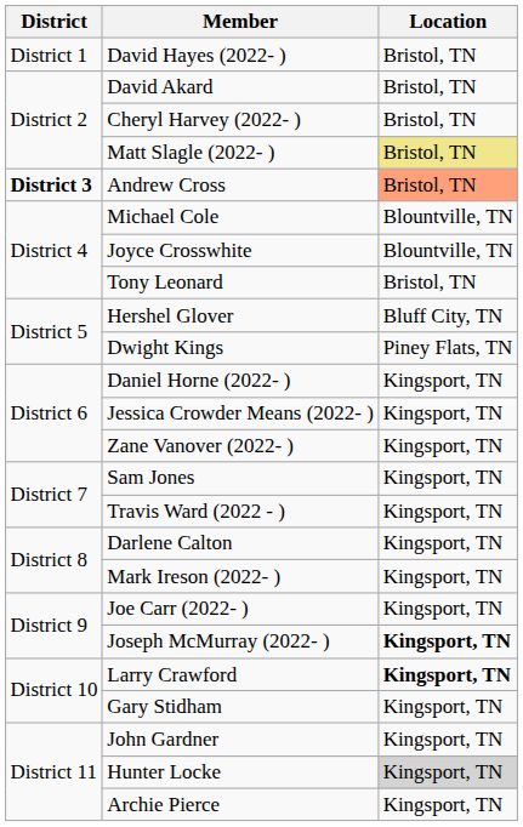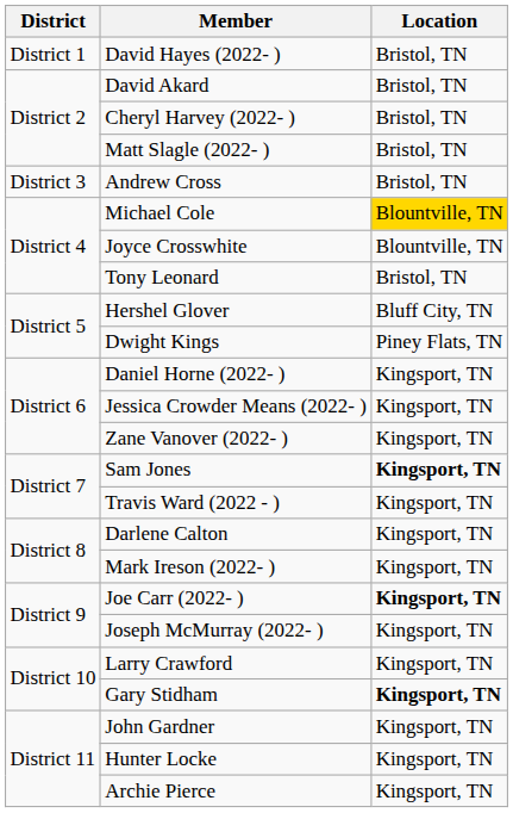 <table class="wikitable">
 <tr>
 <th>District</th>
 <th>Member</th>
 <th>Location</th>
 </tr>
 <tr>
 <td>District 1</td>
 <td>David Hayes (2022- )</td>
 <td>Bristol, TN</td>
 </tr>
 <tr>
 <td rowspan=3>District 2</td>
 <td>David Akard</td>
 <td>Bristol, TN</td>
 </tr>
 <tr>
 <td>Cheryl Harvey (2022- )</td>
 <td>Bristol, TN</td>
 </tr>
 <tr>
 <td>Matt Slagle (2022-  )</td>
-<td style="background: khaki;">Bristol, TN</td>
+<td>Bristol, TN</td>
 </tr>
 <tr>
-<td><strong>District 3</strong></td>
+<td>District 3</td>
 <td>Andrew Cross</td>
-<td style="background: lightsalmon;">Bristol, TN</td>
+<td>Bristol, TN</td>
 </tr>
 <tr>
 <td rowspan=3>District 4</td>
 <td>Michael Cole</td>
-<td>Blountville, TN</td>
+<td style="background: gold;">Blountville, TN</td>
 </tr>
 <tr>
 <td>Joyce Crosswhite</td>
 <td>Blountville, TN</td>
 </tr>
 <tr>
 <td>Tony Leonard</td>
 <td>Bristol, TN</td>
 </tr>
 <tr>
 <td rowspan=2>District 5</td>
 <td>Hershel Glover</td>
 <td>Bluff City, TN</td>
 </tr>
 <tr>
 <td>Dwight Kings</td>
 <td>Piney Flats, TN</td>
 </tr>
 <tr>
 <td rowspan=3>District 6</td>
 <td>Daniel Horne (2022- )</td>
 <td>Kingsport, TN</td>
 </tr>
 <tr>
 <td>Jessica Crowder Means (2022- )</td>
 <td>Kingsport, TN</td>
 </tr>
 <tr>
 <td>Zane Vanover (2022- )</td>
 <td>Kingsport, TN</td>
 </tr>
 <tr>
 <td rowspan=2>District 7</td>
 <td>Sam Jones</td>
-<td>Kingsport, TN</td>
+<td><strong>Kingsport, TN</strong></td>
 </tr>
 <tr>
 <td>Travis Ward (2022 - )</td>
 <td>Kingsport, TN</td>
 </tr>
 <tr>
 <td rowspan=2>District 8</td>
 <td>Darlene Calton</td>
 <td>Kingsport, TN</td>
 </tr>
 <tr>
 <td>Mark Ireson (2022- )</td>
 <td>Kingsport, TN</td>
 </tr>
 <tr>
 <td rowspan=2>District 9</td>
 <td>Joe Carr (2022- )</td>
-<td>Kingsport, TN</td>
+<td><strong>Kingsport, TN</strong></td>
 </tr>
 <tr>
 <td>Joseph McMurray (2022- )</td>
-<td><strong>Kingsport, TN</strong></td>
+<td>Kingsport, TN</td>
 </tr>
 <tr>
 <td rowspan=2>District 10</td>
 <td>Larry Crawford</td>
-<td><strong>Kingsport, TN</strong></td>
+<td>Kingsport, TN</td>
 </tr>
 <tr>
 <td>Gary Stidham</td>
-<td>Kingsport, TN</td>
+<td><strong>Kingsport, TN</strong></td>
 </tr>
 <tr>
 <td rowspan=3>District 11</td>
 <td>John Gardner</td>
 <td>Kingsport, TN</td>
 </tr>
 <tr>
 <td>Hunter Locke</td>
-<td style="background: lightgrey;">Kingsport, TN</td>
+<td>Kingsport, TN</td>
 </tr>
 <tr>
 <td>Archie Pierce</td>
 <td>Kingsport, TN</td>
 </tr>
 </table>
